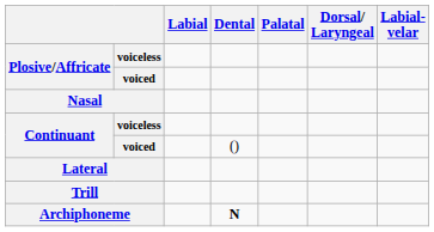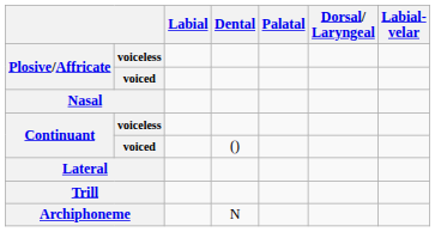 <table class=wikitable style=text-align:center>
 <tr>
 <th colspan=2></th>
 <th><a href='#'>Labial</a></th>
 <th><a href='#'>Dental</a></th>
 <th><a href='#'>Palatal</a></th>
 <th><a href='#'>Dorsal</a>/<br><a href='#'>Laryngeal</a></th>
 <th><a href='#'>Labial-<br>velar</a></th>
 </tr>
 <tr>
 <th rowspan=2><a href='#'>Plosive</a>/<a href='#'>Affricate</a></th>
 <th><small>voiceless</small></th>
 <td></td>
 <td></td>
 <td></td>
 <td></td>
 <td></td>
 </tr>
 <tr>
 <th><small>voiced</small></th>
 <td></td>
 <td></td>
 <td></td>
 <td></td>
 <td></td>
 </tr>
 <tr>
 <th colspan=2><a href='#'>Nasal</a></th>
 <td></td>
 <td></td>
 <td></td>
 <td></td>
 <td></td>
 </tr>
 <tr>
 <th rowspan=2><a href='#'>Continuant</a></th>
 <th><small>voiceless</small></th>
 <td></td>
 <td></td>
 <td></td>
 <td></td>
 <td></td>
 </tr>
 <tr>
 <th><small>voiced</small></th>
 <td></td>
 <td>()</td>
 <td></td>
 <td></td>
 <td></td>
 </tr>
 <tr>
 <th colspan=2><a href='#'>Lateral</a></th>
 <td></td>
 <td></td>
 <td></td>
 <td></td>
 <td></td>
 </tr>
 <tr>
 <th colspan=2><a href='#'>Trill</a></th>
 <td></td>
 <td></td>
 <td></td>
 <td></td>
 <td></td>
 </tr>
 <tr>
 <th colspan=2><a href='#'>Archiphoneme</a></th>
 <td></td>
-<td><strong>N</strong></td>
+<td>N</td>
 <td></td>
 <td></td>
 <td></td>
 </tr>
 </table>
